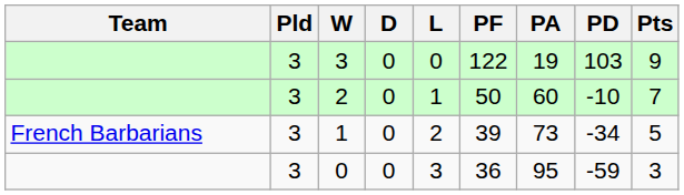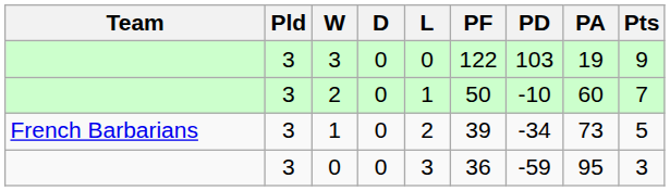 <table class="wikitable" style="text-align:center;">
 <tr>
 <th width=175>Team</th>
 <th width=25 abbr="Played">Pld</th>
 <th width=25 abbr="Won">W</th>
 <th width=25 abbr="Drawn">D</th>
 <th width=25 abbr="Lost">L</th>
 <th width=32 abbr="Points for">PF</th>
+<th width=32 abbr="Points difference">PD</th>
 <th width=32 abbr="Points against">PA</th>
-<th width=32 abbr="Points difference">PD</th>
 <th width=25 abbr="Points">Pts</th>
 </tr>
 <tr bgcolor="#ccffcc">
 <td align=left></td>
 <td>3</td>
 <td>3</td>
 <td>0</td>
 <td>0</td>
 <td>122</td>
+<td>103</td>
 <td>19</td>
-<td>103</td>
 <td>9</td>
 </tr>
 <tr bgcolor="#ccffcc">
 <td align=left></td>
 <td>3</td>
 <td>2</td>
 <td>0</td>
 <td>1</td>
 <td>50</td>
+<td>-10</td>
 <td>60</td>
-<td>-10</td>
 <td>7</td>
 </tr>
 <tr>
 <td align=left> <a href='#'>French Barbarians</a></td>
 <td>3</td>
 <td>1</td>
 <td>0</td>
 <td>2</td>
 <td>39</td>
+<td>-34</td>
 <td>73</td>
-<td>-34</td>
 <td>5</td>
 </tr>
 <tr>
 <td align=left></td>
 <td>3</td>
 <td>0</td>
 <td>0</td>
 <td>3</td>
 <td>36</td>
+<td>-59</td>
 <td>95</td>
-<td>-59</td>
 <td>3</td>
 </tr>
 </table>
